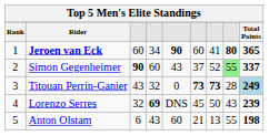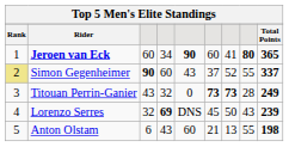 <table class="wikitable sortable">
 <tr>
 <th colspan=27 align="center"><strong>Top 5 Men's Elite Standings</strong></th>
 </tr>
 <tr>
 </tr>
 <tr style="font-size:8pt;font-weight:bold">
 <th align="center">Rank</th>
 <th align="center">Rider</th>
 <th class=unsortable style="background:#E5E4E2;"><small></small></th>
 <th class=unsortable style="background:#E5E4E2;"><small></small></th>
 <th class=unsortable style="background:#E5E4E2;"><small></small></th>
 <th class=unsortable style="background:#E5E4E2;"><small></small></th>
 <th class=unsortable style="background:#E5E4E2;"><small></small></th>
 <th class=unsortable style="background:#E5E4E2;"><small></small></th>
 <th align="center">Total<br>Points</th>
 </tr>
 <tr>
 <td align=center>1</td>
 <td> <strong><a href='#'>Jeroen van Eck</a></strong></td>
 <td align=center>60</td>
 <td align=center>34</td>
 <td align=center><strong>90</strong></td>
 <td align=center>60</td>
 <td align=center>41</td>
 <td align=center><strong>80</strong></td>
 <td align=center><strong>365</strong></td>
 </tr>
 <tr>
-<td align=center>2</td>
+<td align=center style="background: khaki;">2</td>
 <td> <a href='#'>Simon Gegenheimer</a></td>
 <td align=center><strong>90</strong></td>
 <td align=center>60</td>
 <td align=center>43</td>
 <td align=center>37</td>
 <td align=center>52</td>
-<td align=center style="background: lightgreen;">55</td>
+<td align=center>55</td>
 <td align=center><strong>337</strong></td>
 </tr>
 <tr>
 <td align=center>3</td>
 <td> <a href='#'>Titouan Perrin-Ganier</a></td>
 <td align=center>43</td>
 <td align=center>32</td>
 <td align=center>0</td>
 <td align=center><strong>73</strong></td>
 <td align=center><strong>73</strong></td>
 <td align=center>28</td>
-<td align=center style="background: lightblue;"><strong>249</strong></td>
+<td align=center><strong>249</strong></td>
 </tr>
 <tr>
 <td align=center>4</td>
 <td> <a href='#'>Lorenzo Serres</a></td>
 <td align=center>32</td>
 <td align=center><strong>69</strong></td>
 <td align=center>DNS</td>
 <td align=center>45</td>
 <td align=center>50</td>
 <td align=center>43</td>
 <td align=center><strong>239</strong></td>
 </tr>
 <tr>
 <td align=center>5</td>
 <td> <a href='#'>Anton Olstam</a></td>
 <td align=center>6</td>
 <td align=center>43</td>
 <td align=center>60</td>
 <td align=center>21</td>
 <td align=center>13</td>
 <td align=center>55</td>
 <td align=center><strong>198</strong><br></td>
 </tr>
 </table>
